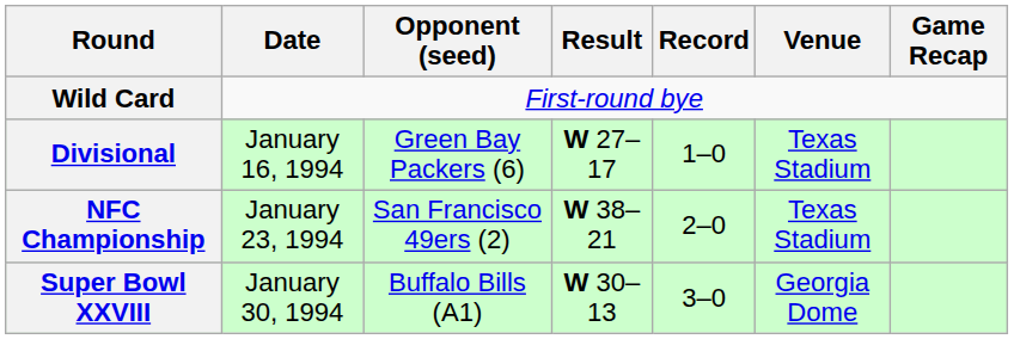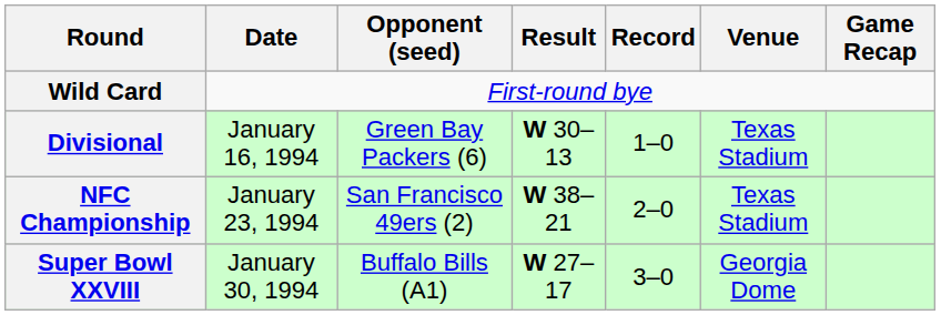 <table class="wikitable" style="text-align:center">
 <tr>
 <th>Round</th>
 <th>Date</th>
 <th>Opponent (seed)</th>
 <th>Result</th>
 <th>Record</th>
 <th>Venue</th>
 <th>Game Recap</th>
 </tr>
 <tr>
 <th>Wild Card</th>
 <td colspan=6><em><a href='#'>First-round bye</a></em></td>
 </tr>
 <tr style="background:#cfc">
 <th><a href='#'>Divisional</a></th>
 <td>January 16, 1994</td>
 <td><a href='#'>Green Bay Packers</a> (6)</td>
-<td><strong>W</strong> 27–17</td>
+<td><strong>W</strong> 30–13</td>
 <td>1–0</td>
 <td><a href='#'>Texas Stadium</a></td>
 <td></td>
 </tr>
 <tr style="background:#cfc">
 <th><a href='#'>NFC Championship</a></th>
 <td>January 23, 1994</td>
 <td><a href='#'>San Francisco 49ers</a> (2)</td>
 <td><strong>W</strong> 38–21</td>
 <td>2–0</td>
 <td><a href='#'>Texas Stadium</a></td>
 <td></td>
 </tr>
 <tr style="background:#cfc">
 <th><a href='#'>Super Bowl XXVIII</a></th>
 <td>January 30, 1994</td>
 <td><a href='#'>Buffalo Bills</a> (A1)</td>
-<td><strong>W</strong> 30–13</td>
+<td><strong>W</strong> 27–17</td>
 <td>3–0</td>
 <td><a href='#'>Georgia Dome</a></td>
 <td></td>
 </tr>
 </table>
